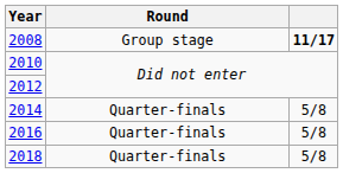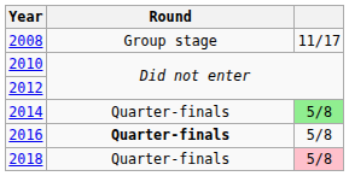 <table class="wikitable" style="text-align: center; font-size:90%">
 <tr>
 <th>Year</th>
 <th style="width:200px">Round</th>
 <th></th>
 </tr>
 <tr>
 <td><a href='#'>2008</a></td>
 <td>Group stage</td>
-<td><strong>11/17</strong></td>
+<td>11/17</td>
 </tr>
 <tr>
 <td><a href='#'>2010</a></td>
 <td colspan="2" rowspan="2"><em>Did not enter</em></td>
 </tr>
 <tr>
 <td><a href='#'>2012</a></td>
 </tr>
 <tr>
 <td><a href='#'>2014</a></td>
 <td>Quarter-finals</td>
-<td>5/8</td>
+<td style="background: lightgreen;">5/8</td>
 </tr>
 <tr>
 <td><a href='#'>2016</a></td>
-<td>Quarter-finals</td>
+<td><strong>Quarter-finals</strong></td>
 <td>5/8</td>
 </tr>
 <tr>
 <td><a href='#'>2018</a></td>
 <td>Quarter-finals</td>
-<td>5/8</td>
+<td style="background: pink;">5/8</td>
 </tr>
 </table>
